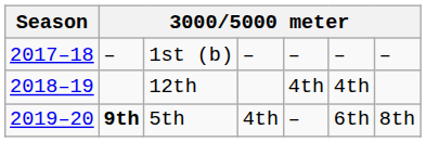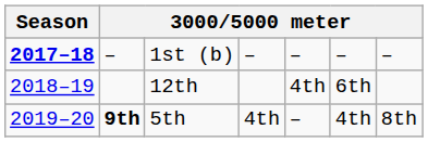 <table class="wikitable" style="display: inline-table;">
 <tr>
 <th>Season</th>
 <th colspan="6">3000/5000 meter</th>
 </tr>
 <tr>
-<td><a href='#'>2017–18</a></td>
+<td><strong><a href='#'>2017–18</a></strong></td>
 <td>–</td>
 <td>1st (b)</td>
 <td>–</td>
 <td>–</td>
 <td>–</td>
 <td>–</td>
 </tr>
 <tr>
 <td><a href='#'>2018–19</a></td>
 <td></td>
 <td>12th</td>
 <td></td>
 <td>4th</td>
-<td>4th</td>
+<td>6th</td>
 <td></td>
 </tr>
 <tr>
 <td><a href='#'>2019–20</a></td>
 <td><strong>9th</strong></td>
 <td>5th</td>
 <td>4th</td>
 <td>–</td>
-<td>6th</td>
+<td>4th</td>
 <td>8th</td>
 </tr>
 </table>
